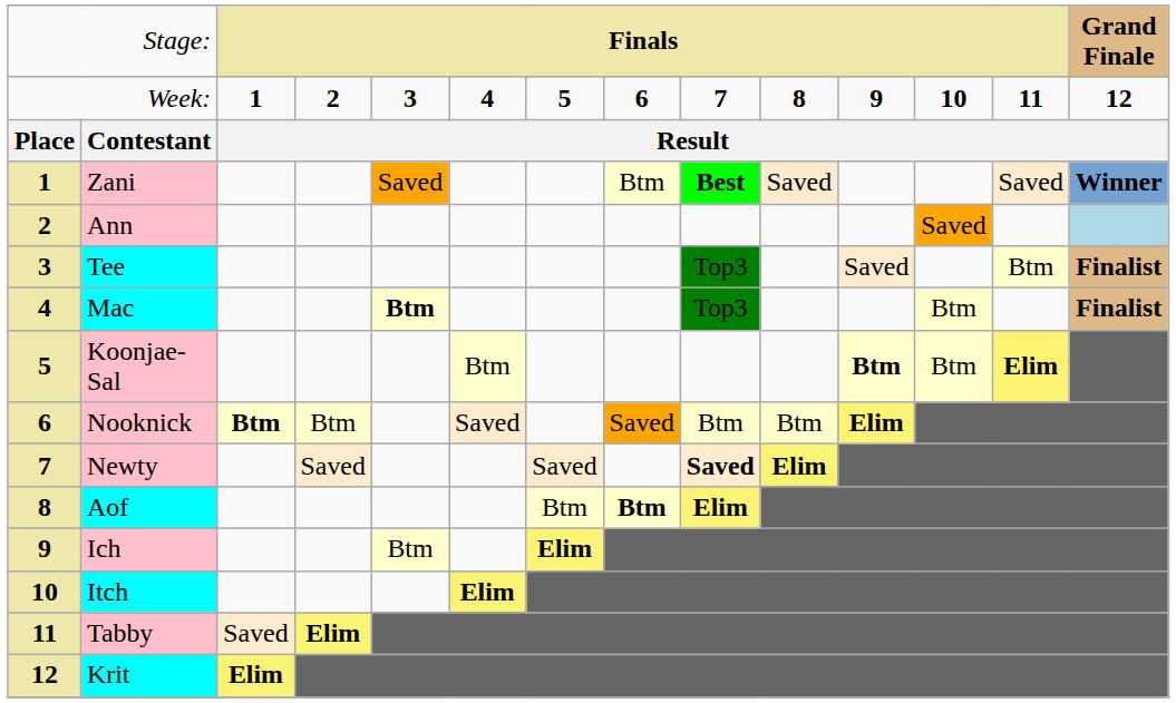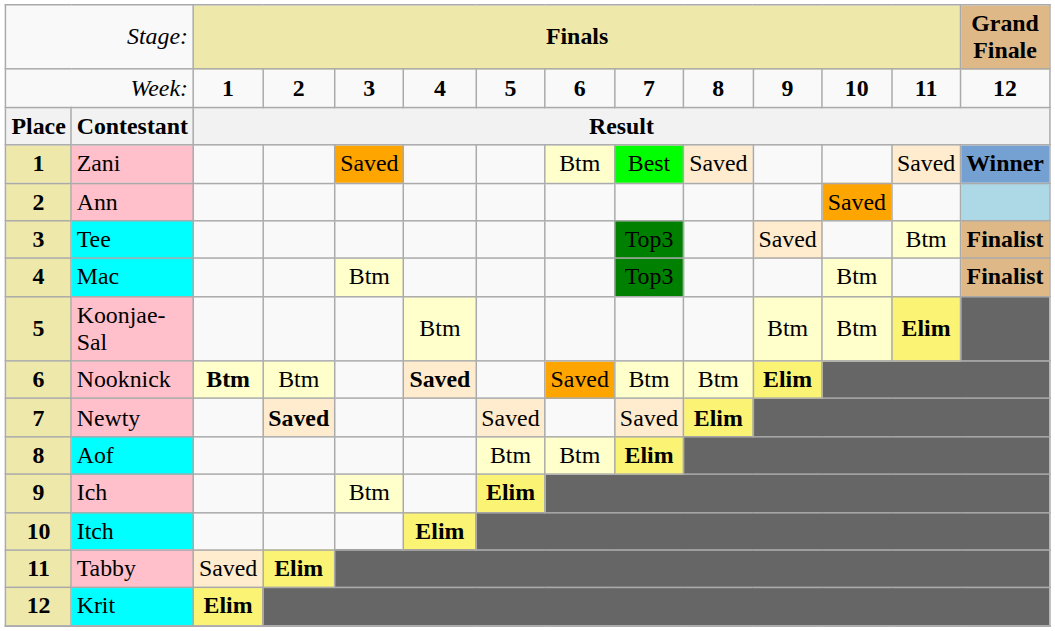 <table class="wikitable" style="margin:1em auto; width:40%;">
 <tr>
 <td width=30% colspan="2" align="right"><em>Stage:</em></td>
 <td colspan="11" bgcolor="palegoldenrod" align="Center"><strong>Finals</strong></td>
 <td colspan="1" bgcolor="#DEB887" align="Center"><strong>Grand Finale</strong></td>
 </tr>
 <tr>
 <td colspan="2" align="right"><em>Week:</em></td>
 <td align="center"><strong>1</strong></td>
 <td align="center"><strong>2</strong></td>
 <td align="center"><strong>3</strong></td>
 <td align="center"><strong>4</strong></td>
 <td align="center"><strong>5</strong></td>
 <td align="center"><strong>6</strong></td>
 <td align="center"><strong>7</strong></td>
 <td align="center"><strong>8</strong></td>
 <td align="center"><strong>9</strong></td>
 <td align="center"><strong>10</strong></td>
 <td align="center"><strong>11</strong></td>
 <td align="center"><strong>12</strong></td>
 </tr>
 <tr>
 <th>Place</th>
 <th>Contestant</th>
 <th colspan="12" align="center">Result</th>
 </tr>
 <tr>
 <td align="center" bgcolor="palegoldenrod"><strong>1</strong></td>
 <td bgcolor="pink">Zani</td>
 <td></td>
 <td></td>
 <td bgcolor="orange" align="center">Saved</td>
 <td></td>
 <td></td>
 <td bgcolor="FFFFCC" align="center">Btm</td>
-<td bgcolor="lime" align="center"><strong>Best</strong></td>
+<td bgcolor="lime" align="center">Best</td>
 <td bgcolor="FFEBCD" align="center">Saved</td>
 <td></td>
 <td></td>
 <td bgcolor="FFEBCD" align="center">Saved</td>
 <td style="color:black; text-align:center; background-color:#75A1D2"><strong>Winner</strong></td>
 </tr>
 <tr>
 <td align="center" bgcolor="palegoldenrod"><strong>2</strong></td>
 <td bgcolor="pink">Ann</td>
 <td></td>
 <td></td>
 <td></td>
 <td></td>
 <td></td>
 <td></td>
 <td></td>
 <td></td>
 <td></td>
 <td bgcolor="orange" align="center">Saved</td>
 <td></td>
 <td bgcolor="lightblue" align="center"></td>
 </tr>
 <tr>
 <td align="center" bgcolor="palegoldenrod"><strong>3</strong></td>
 <td bgcolor="cyan">Tee</td>
 <td></td>
 <td></td>
 <td></td>
 <td></td>
 <td></td>
 <td></td>
 <td bgcolor="green" align="center">Top3</td>
 <td></td>
 <td bgcolor="FFEBCD" align="center">Saved</td>
 <td></td>
 <td bgcolor="FFFFCC" align="center">Btm</td>
 <td bgcolor="#DEB887" align="center"><strong>Finalist</strong></td>
 </tr>
 <tr>
 <td align="center" bgcolor="palegoldenrod"><strong>4</strong></td>
 <td bgcolor="cyan">Mac</td>
 <td></td>
 <td></td>
-<td bgcolor="FFFFCC" align="center"><strong>Btm</strong></td>
+<td bgcolor="FFFFCC" align="center">Btm</td>
 <td></td>
 <td></td>
 <td></td>
 <td bgcolor="green" align="center">Top3</td>
 <td></td>
 <td></td>
 <td bgcolor="FFFFCC" align="center">Btm</td>
 <td></td>
 <td bgcolor="#DEB887" align="center"><strong>Finalist</strong></td>
 </tr>
 <tr>
 <td align="center" bgcolor="palegoldenrod"><strong>5</strong></td>
 <td bgcolor="pink">Koonjae-Sal</td>
 <td></td>
 <td></td>
 <td></td>
 <td bgcolor="FFFFCC" align="center">Btm</td>
 <td></td>
 <td></td>
 <td></td>
 <td></td>
-<td bgcolor="FFFFCC" align="center"><strong>Btm</strong></td>
+<td bgcolor="FFFFCC" align="center">Btm</td>
 <td bgcolor="FFFFCC" align="center">Btm</td>
 <td bgcolor="FBF373" align="center"><strong>Elim</strong></td>
 <td colspan="1" bgcolor="666666"></td>
 </tr>
 <tr>
 <td align="center" bgcolor="palegoldenrod"><strong>6</strong></td>
 <td bgcolor="pink">Nooknick</td>
 <td bgcolor="FFFFCC" align="center"><strong>Btm</strong></td>
 <td bgcolor="FFFFCC" align="center">Btm</td>
 <td></td>
-<td bgcolor="FFEBCD" align="center">Saved</td>
+<td bgcolor="FFEBCD" align="center"><strong>Saved</strong></td>
 <td></td>
 <td bgcolor="orange" align="center">Saved</td>
 <td bgcolor="FFFFCC" align="center">Btm</td>
 <td bgcolor="FFFFCC" align="center">Btm</td>
 <td bgcolor="FBF373" align="center"><strong>Elim</strong></td>
 <td colspan="3" bgcolor="666666"></td>
 </tr>
 <tr>
 <td align="center" bgcolor="palegoldenrod"><strong>7</strong></td>
 <td bgcolor="pink">Newty</td>
 <td></td>
-<td bgcolor="FFEBCD" align="center">Saved</td>
+<td bgcolor="FFEBCD" align="center"><strong>Saved</strong></td>
 <td></td>
 <td></td>
 <td bgcolor="FFEBCD" align="center">Saved</td>
 <td></td>
-<td bgcolor="FFEBCD" align="center"><strong>Saved</strong></td>
+<td bgcolor="FFEBCD" align="center">Saved</td>
 <td bgcolor="FBF373" align="center"><strong>Elim</strong></td>
 <td colspan="4" bgcolor="666666"></td>
 </tr>
 <tr>
 <td align="center" bgcolor="palegoldenrod"><strong>8</strong></td>
 <td bgcolor="cyan">Aof</td>
 <td></td>
 <td></td>
 <td></td>
 <td></td>
 <td bgcolor="FFFFCC" align="center">Btm</td>
-<td bgcolor="FFFFCC" align="center"><strong>Btm</strong></td>
+<td bgcolor="FFFFCC" align="center">Btm</td>
 <td bgcolor="FBF373" align="center"><strong>Elim</strong></td>
 <td colspan="5" bgcolor="666666"></td>
 </tr>
 <tr>
 <td align="center" bgcolor="palegoldenrod"><strong>9</strong></td>
 <td bgcolor="pink">Ich</td>
 <td></td>
 <td></td>
 <td bgcolor="FFFFCC" align="center">Btm</td>
 <td></td>
 <td bgcolor="FBF373" align="center"><strong>Elim</strong></td>
 <td colspan="7" bgcolor="666666"></td>
 </tr>
 <tr>
 <td align="center" bgcolor="palegoldenrod"><strong>10</strong></td>
 <td bgcolor="cyan">Itch</td>
 <td></td>
 <td></td>
 <td></td>
 <td bgcolor="FBF373" align="center"><strong>Elim</strong></td>
 <td colspan="8" bgcolor="666666"></td>
 </tr>
 <tr>
 <td align="center" bgcolor="palegoldenrod"><strong>11</strong></td>
 <td bgcolor="pink">Tabby</td>
 <td bgcolor="FFEBCD" align="center">Saved</td>
 <td bgcolor="FBF373" align="center"><strong>Elim</strong></td>
 <td colspan="10" bgcolor="666666"></td>
 </tr>
 <tr>
 <td align="center" bgcolor="palegoldenrod"><strong>12</strong></td>
 <td bgcolor="cyan">Krit</td>
 <td bgcolor="FBF373" align="center"><strong>Elim</strong></td>
 <td colspan="11" bgcolor="666666"></td>
 </tr>
 <tr>
 </tr>
 </table>
